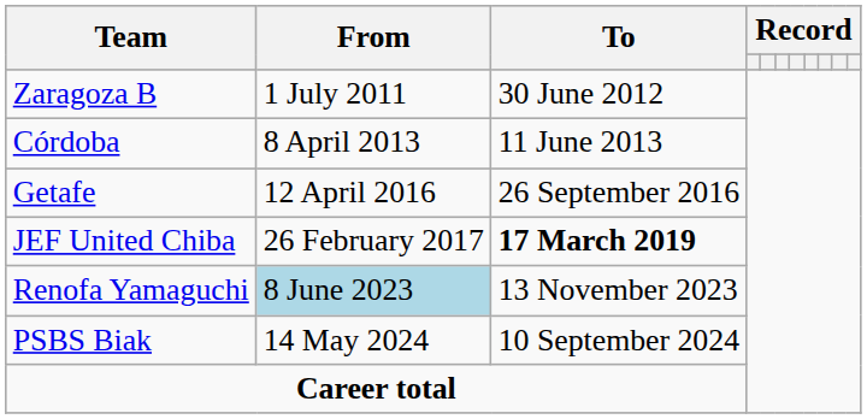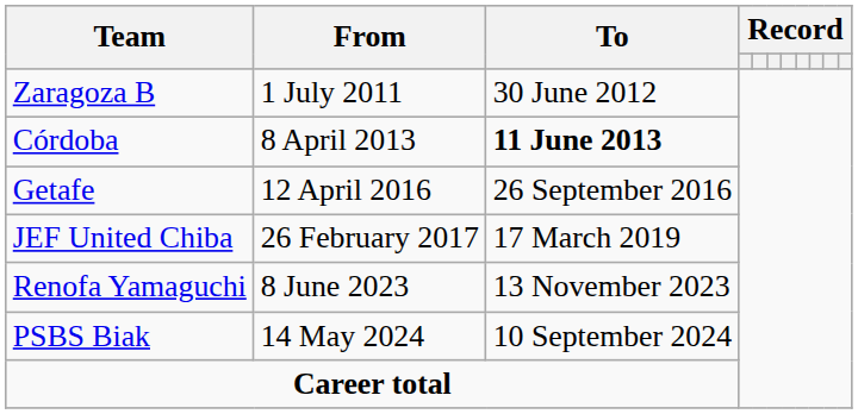 <table class="wikitable" style="text-align: center">
 <tr>
 <th rowspan="2">Team</th>
 <th rowspan="2">From</th>
 <th rowspan="2">To</th>
 <th colspan="8">Record</th>
 </tr>
 <tr>
 <th></th>
 <th></th>
 <th></th>
 <th></th>
 <th></th>
 <th></th>
 <th></th>
 <th></th>
 </tr>
 <tr>
 <td align="left"><a href='#'>Zaragoza B</a></td>
 <td align=left>1 July 2011</td>
 <td align=left>30 June 2012<br></td>
 </tr>
 <tr>
 <td align="left"><a href='#'>Córdoba</a></td>
 <td align=left>8 April 2013</td>
-<td align=left>11 June 2013<br></td>
+<td align=left><strong>11 June 2013<br></strong></td>
 </tr>
 <tr>
 <td align="left"><a href='#'>Getafe</a></td>
 <td align=left>12 April 2016</td>
 <td align=left>26 September 2016<br></td>
 </tr>
 <tr>
 <td align="left"><a href='#'>JEF United Chiba</a></td>
 <td align=left>26 February 2017</td>
-<td align=left><strong>17 March 2019<br></strong></td>
+<td align=left>17 March 2019<br></td>
 </tr>
 <tr>
 <td align="left"><a href='#'>Renofa Yamaguchi</a></td>
-<td align=left style="background: lightblue;">8 June 2023</td>
+<td align=left>8 June 2023</td>
 <td align=left>13 November 2023<br></td>
 </tr>
 <tr>
 <td align="left"><a href='#'>PSBS Biak</a></td>
 <td align=left>14 May 2024</td>
 <td align=left>10 September 2024<br></td>
 </tr>
 <tr>
 <td colspan=3><strong>Career total</strong><br></td>
 </tr>
 </table>
